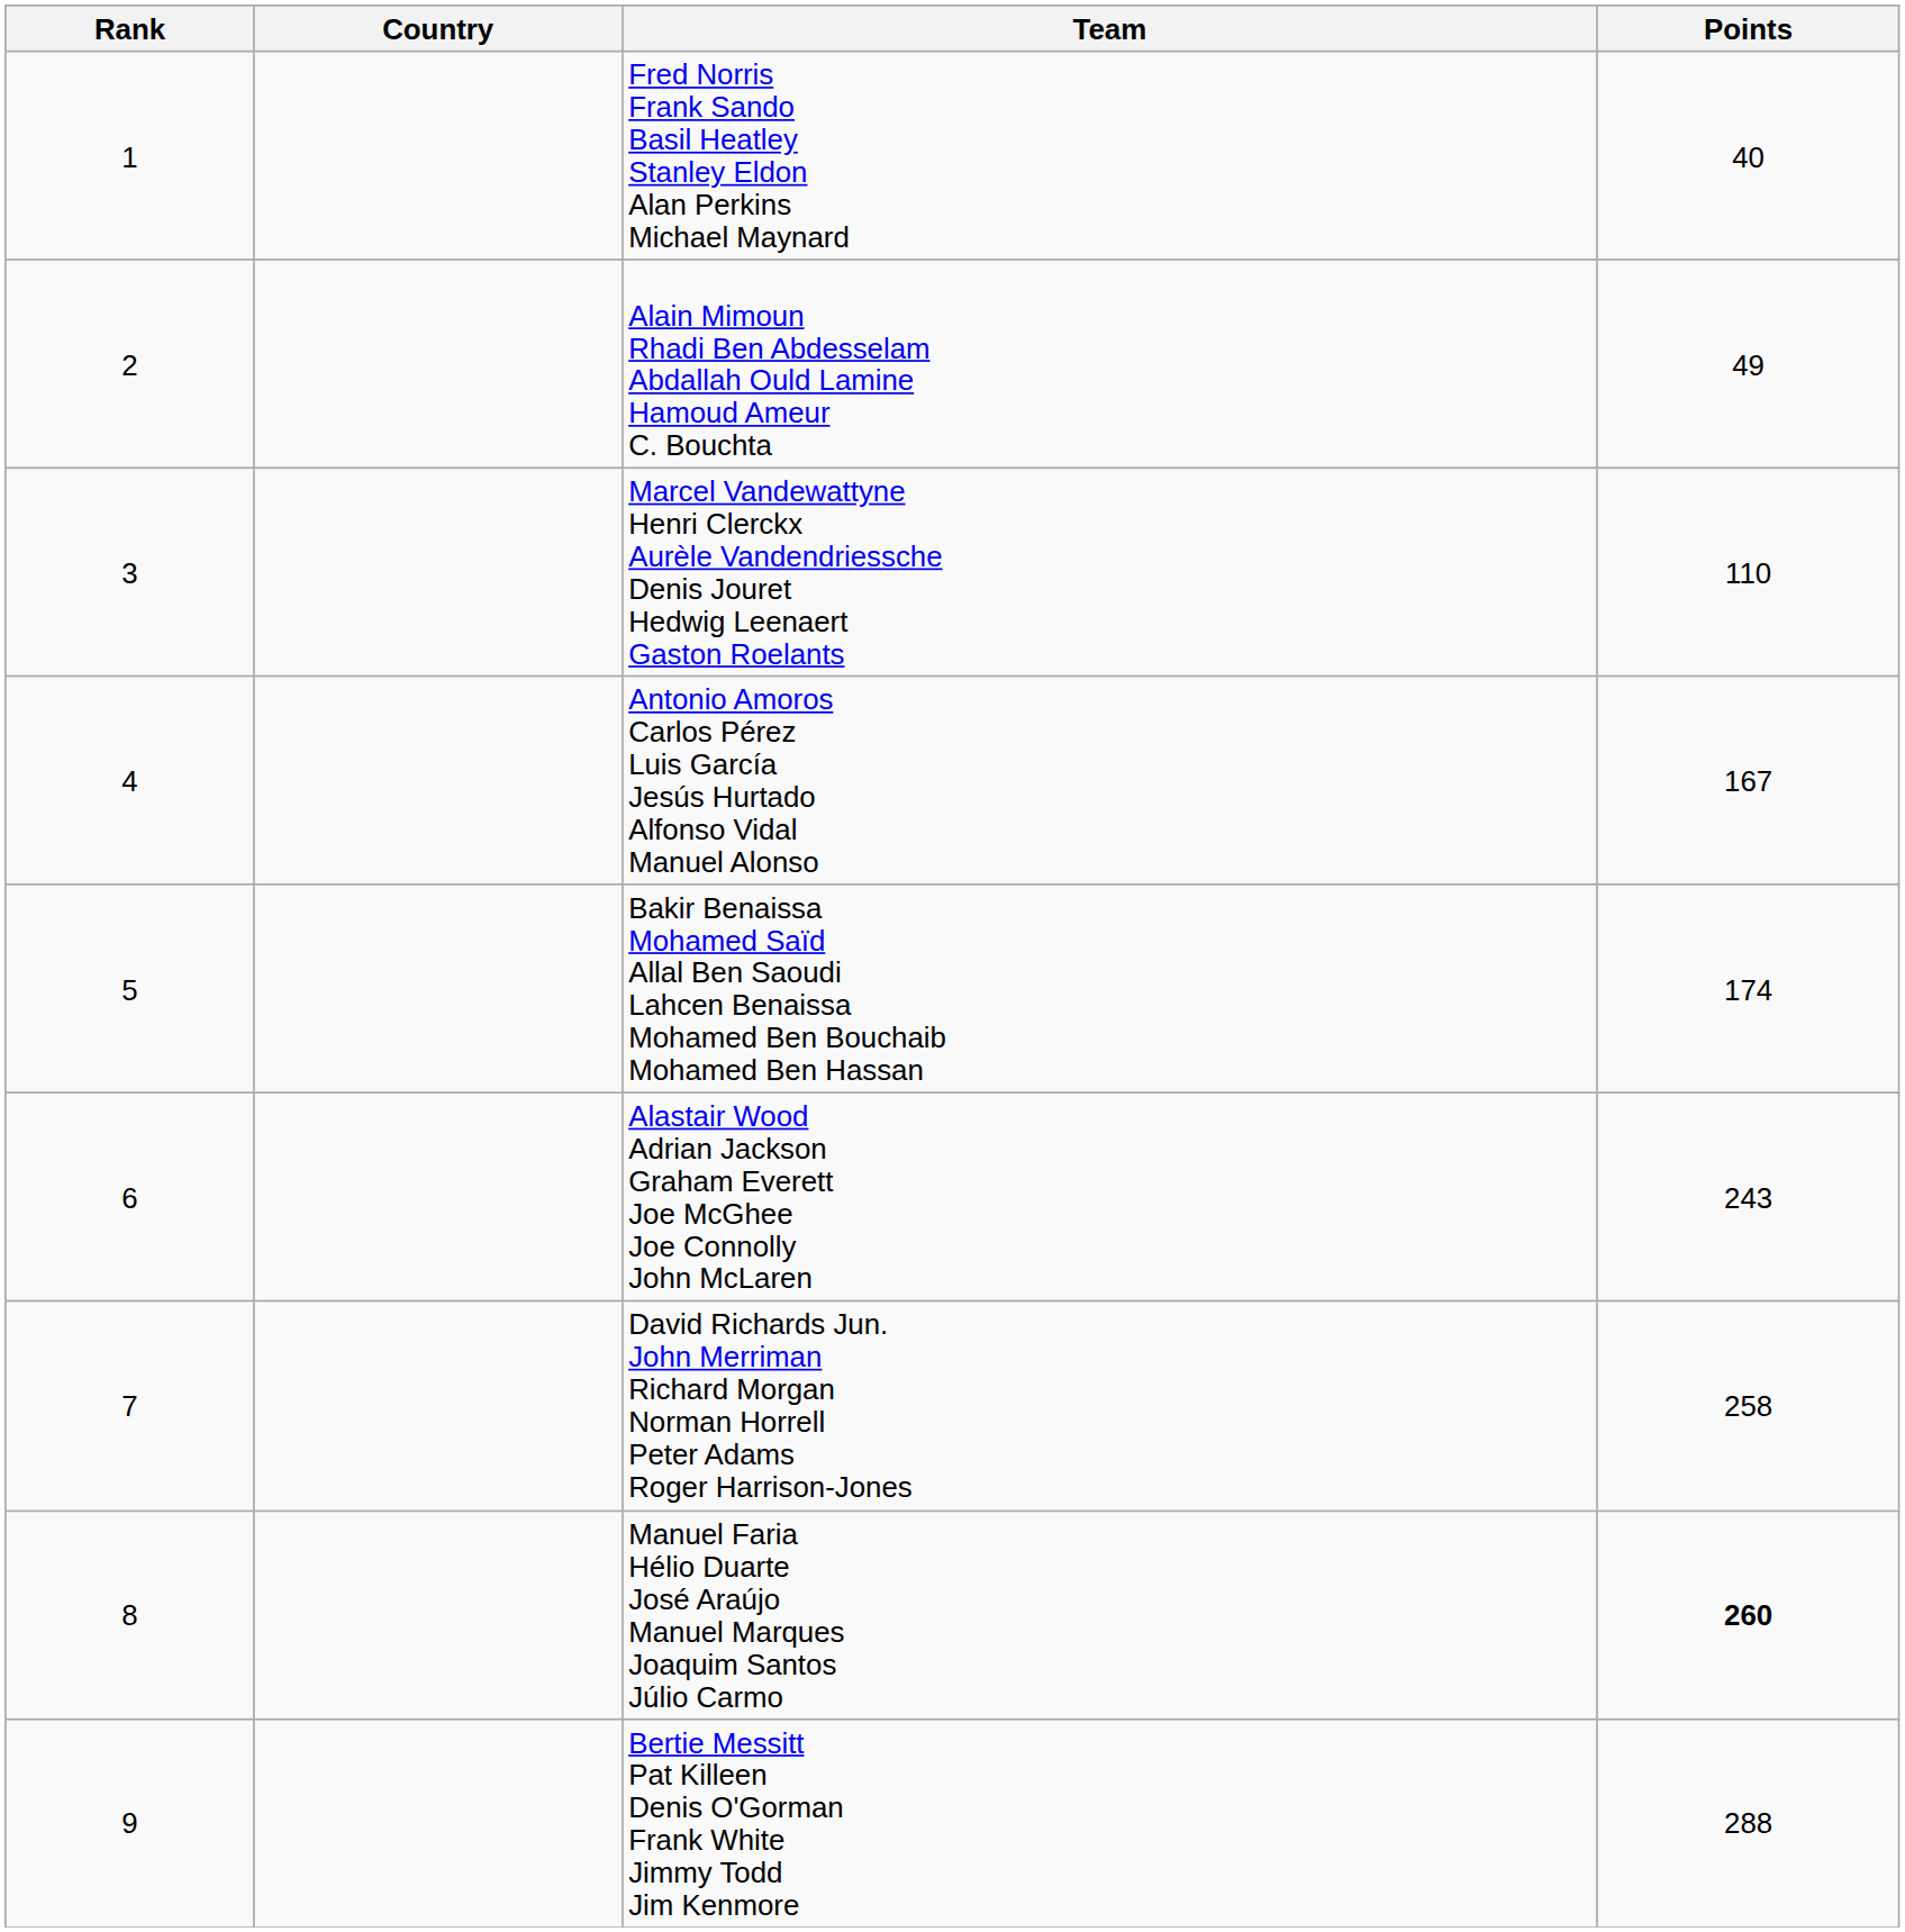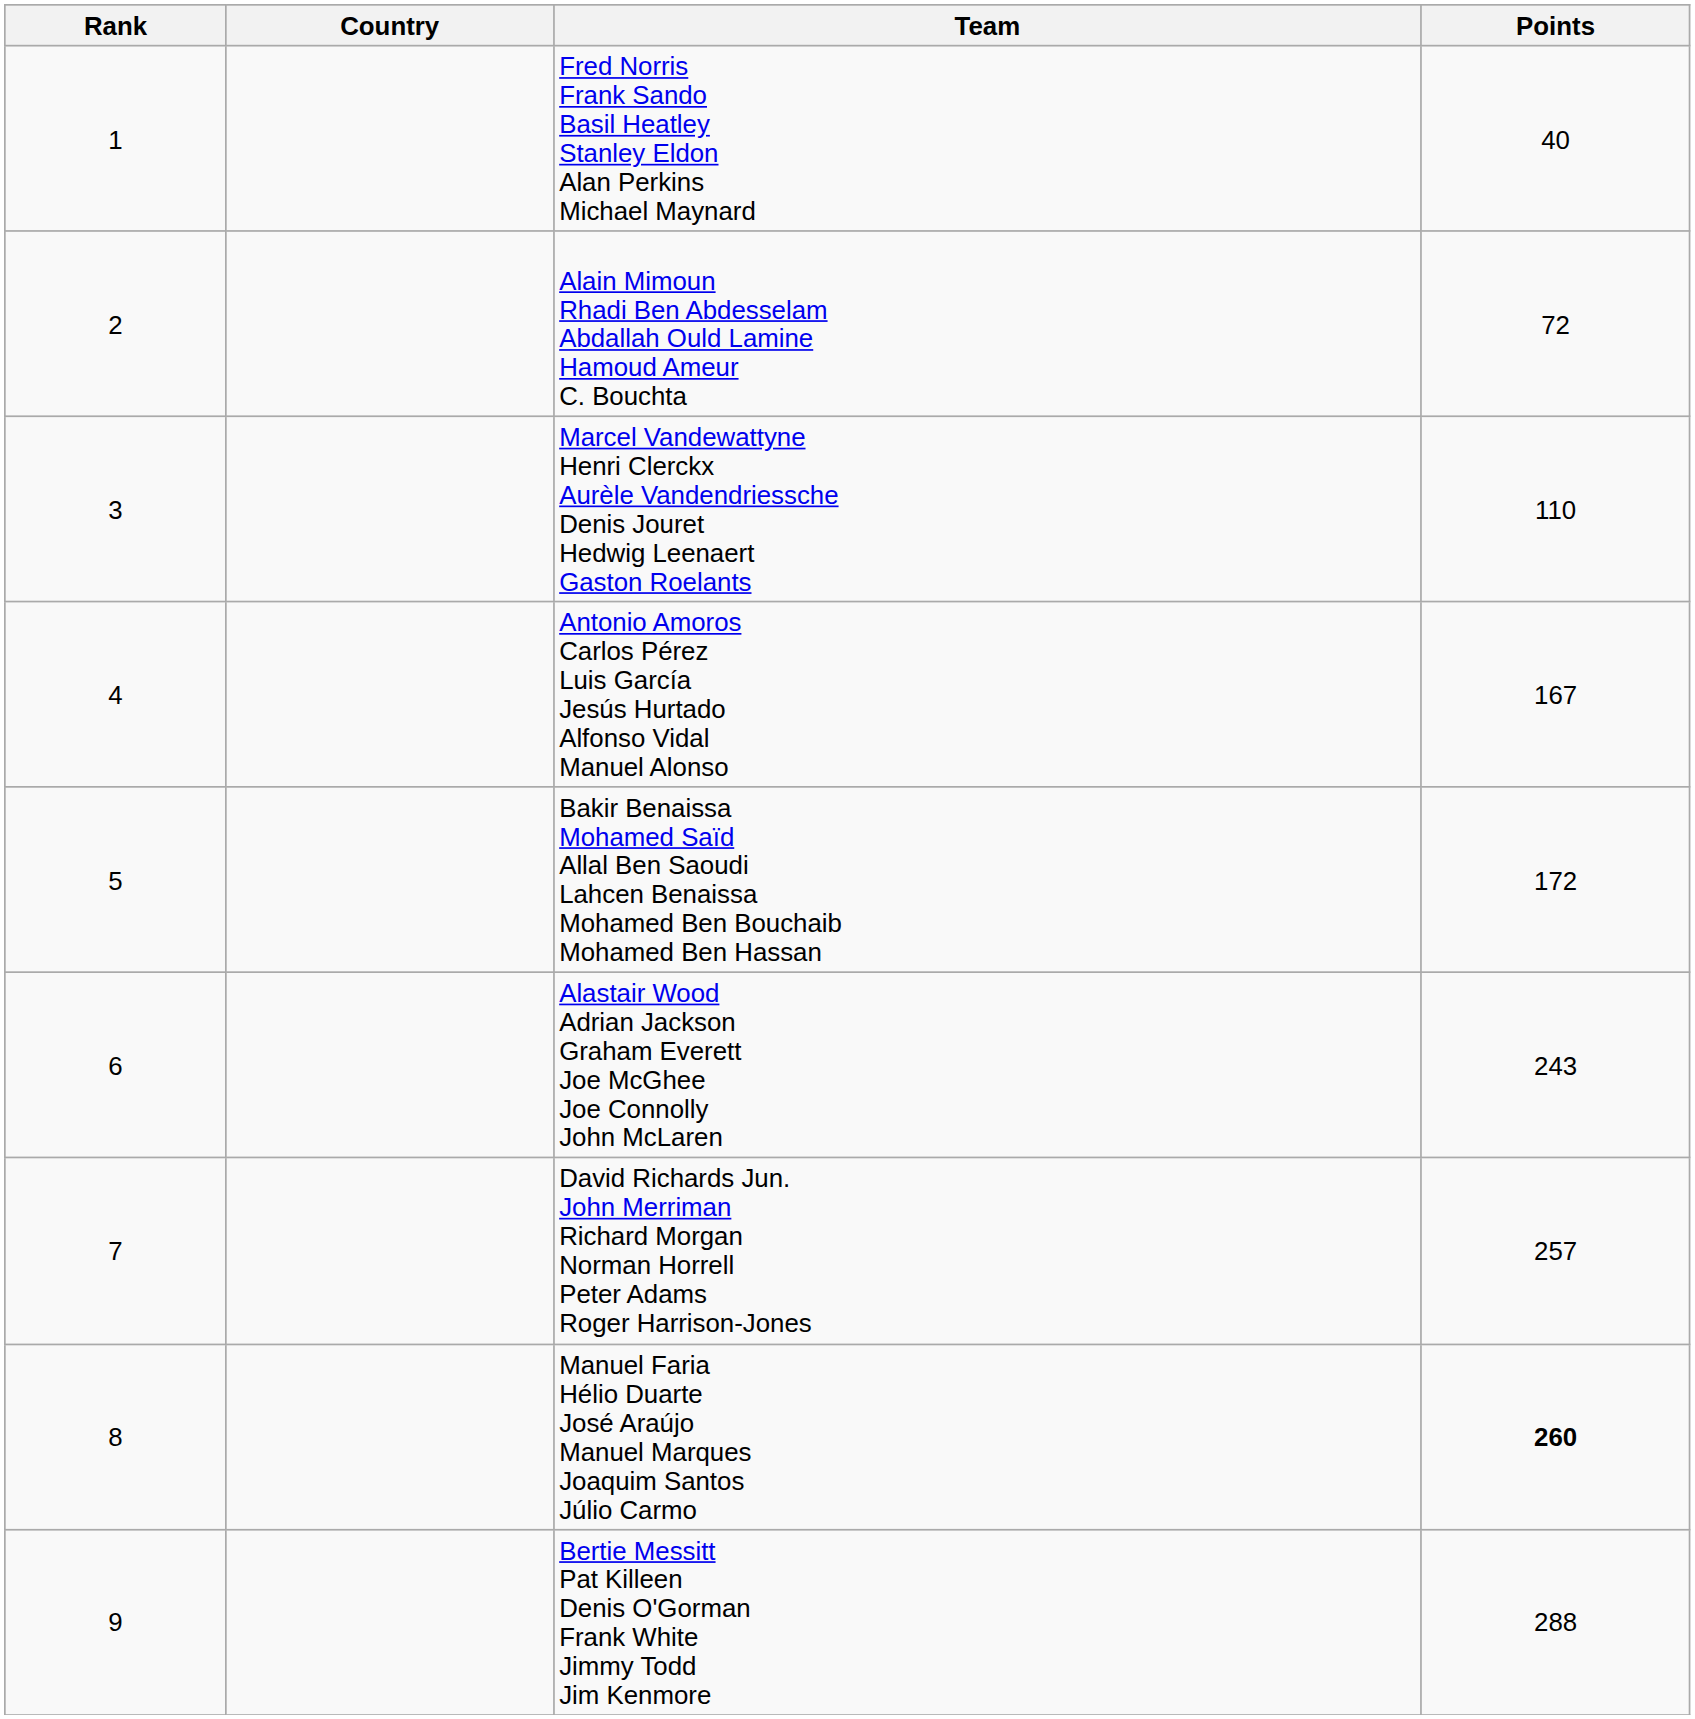 <table class="wikitable sortable" style=" text-align:center; font-size:95%;" width="50%">
 <tr>
 <th>Rank</th>
 <th>Country</th>
 <th>Team</th>
 <th>Points</th>
 </tr>
 <tr>
 <td align=center>1</td>
 <td align=left></td>
 <td align=left><a href='#'>Fred Norris</a><br><a href='#'>Frank Sando</a><br><a href='#'>Basil Heatley</a><br><a href='#'>Stanley Eldon</a><br>Alan Perkins<br>Michael Maynard</td>
 <td>40</td>
 </tr>
 <tr>
 <td align=center>2</td>
 <td align=left></td>
 <td align=left><br><a href='#'>Alain Mimoun</a><br><a href='#'>Rhadi Ben Abdesselam</a><br><a href='#'>Abdallah Ould Lamine</a><br><a href='#'>Hamoud Ameur</a><br>C. Bouchta</td>
-<td>49</td>
+<td>72</td>
 </tr>
 <tr>
 <td align=center>3</td>
 <td align=left></td>
 <td align=left><a href='#'>Marcel Vandewattyne</a><br>Henri Clerckx<br><a href='#'>Aurèle Vandendriessche</a><br>Denis Jouret<br>Hedwig Leenaert<br><a href='#'>Gaston Roelants</a></td>
 <td>110</td>
 </tr>
 <tr>
 <td align=center>4</td>
 <td align=left></td>
 <td align=left><a href='#'>Antonio Amoros</a><br>Carlos Pérez<br>Luis García<br>Jesús Hurtado<br>Alfonso Vidal<br>Manuel Alonso</td>
 <td>167</td>
 </tr>
 <tr>
 <td align=center>5</td>
 <td align=left></td>
 <td align=left>Bakir Benaissa<br><a href='#'>Mohamed Saïd</a><br>Allal Ben Saoudi<br>Lahcen Benaissa<br>Mohamed Ben Bouchaib<br>Mohamed Ben Hassan</td>
-<td>174</td>
+<td>172</td>
 </tr>
 <tr>
 <td align=center>6</td>
 <td align=left></td>
 <td align=left><a href='#'>Alastair Wood</a><br>Adrian Jackson<br>Graham Everett<br>Joe McGhee<br>Joe Connolly<br>John McLaren</td>
 <td>243</td>
 </tr>
 <tr>
 <td align=center>7</td>
 <td align=left></td>
 <td align=left>David Richards Jun.<br><a href='#'>John Merriman</a><br>Richard Morgan<br>Norman Horrell<br>Peter Adams<br>Roger Harrison-Jones</td>
-<td>258</td>
+<td>257</td>
 </tr>
 <tr>
 <td align=center>8</td>
 <td align=left></td>
 <td align=left>Manuel Faria<br>Hélio Duarte<br>José Araújo<br>Manuel Marques<br>Joaquim Santos<br>Júlio Carmo</td>
 <td><strong>260</strong></td>
 </tr>
 <tr>
 <td align=center>9</td>
 <td align=left></td>
 <td align=left><a href='#'>Bertie Messitt</a><br>Pat Killeen<br>Denis O'Gorman<br>Frank White<br>Jimmy Todd<br>Jim Kenmore</td>
 <td>288</td>
 </tr>
 </table>
